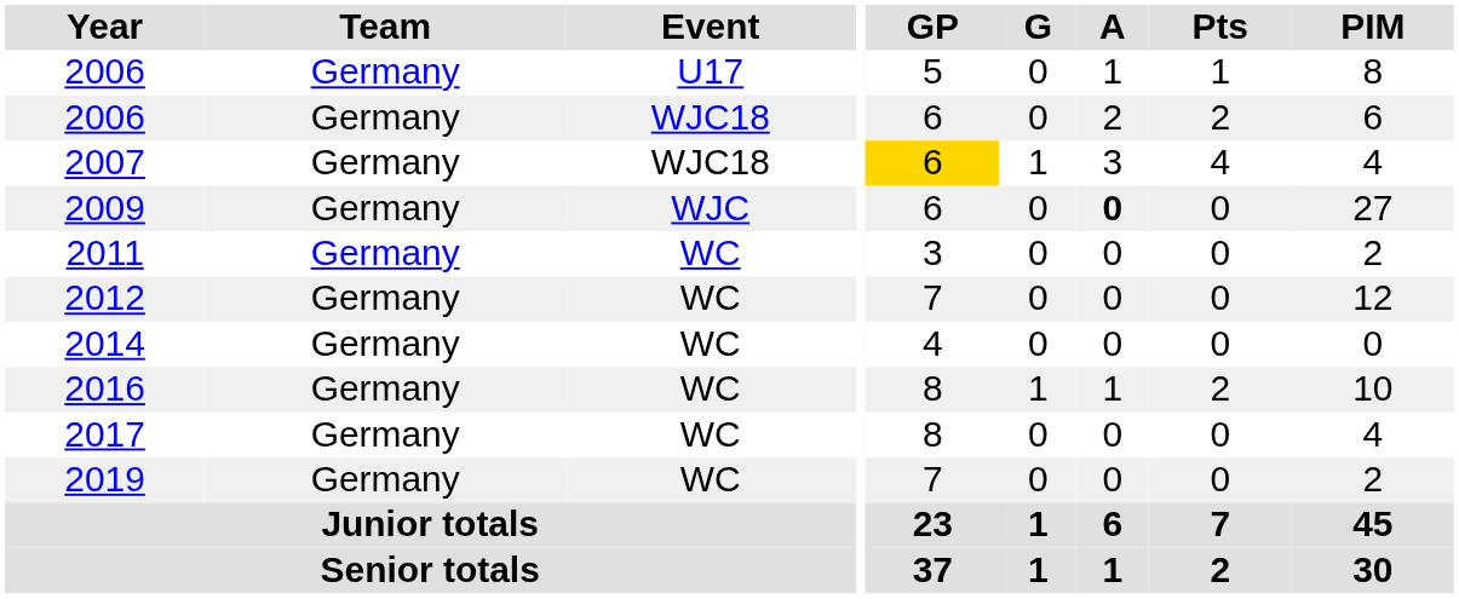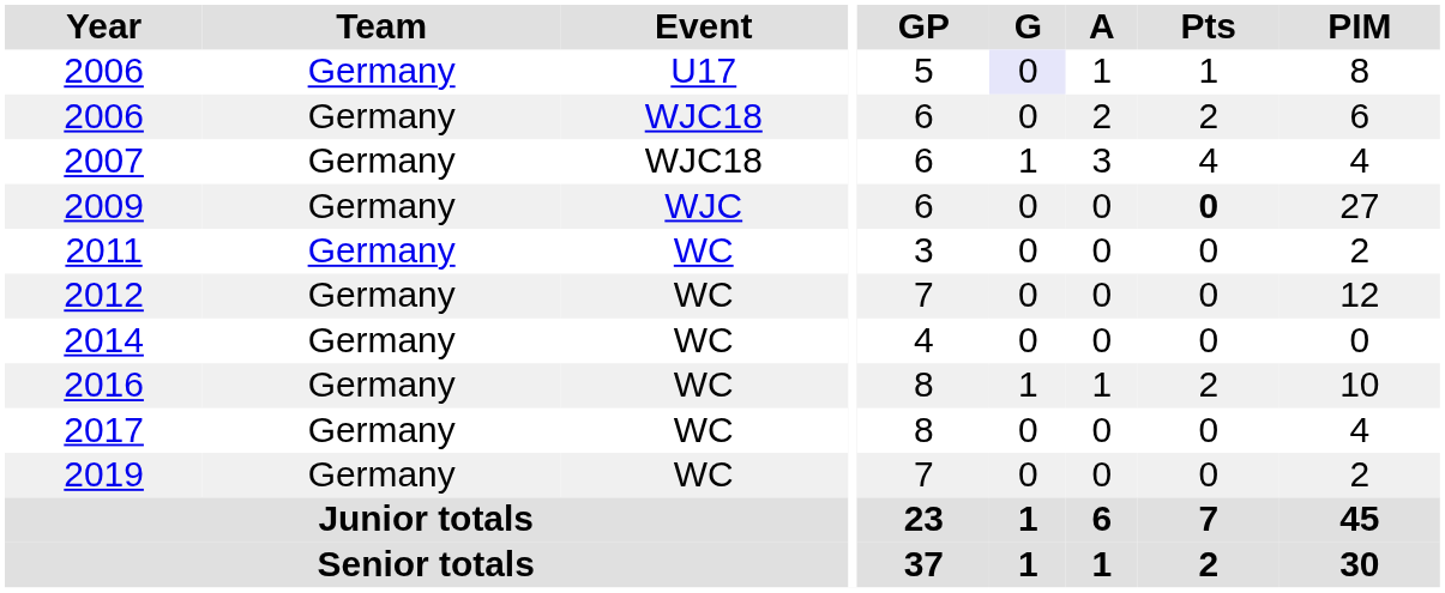 <table border="0" cellpadding="1" cellspacing="0" ID="Table3" style="text-align:center; width:40em">
 <tr ALIGN="center" bgcolor="#e0e0e0">
 <th>Year</th>
 <th>Team</th>
 <th>Event</th>
 <th rowspan="99" bgcolor="#ffffff"></th>
 <th>GP</th>
 <th>G</th>
 <th>A</th>
 <th>Pts</th>
 <th>PIM</th>
 </tr>
 <tr ALIGN="center">
 <td><a href='#'>2006</a></td>
 <td><a href='#'>Germany</a></td>
 <td><a href='#'>U17</a></td>
 <td>5</td>
-<td>0</td>
+<td style="background: lavender;">0</td>
 <td>1</td>
 <td>1</td>
 <td>8</td>
 </tr>
 <tr ALIGN="center" bgcolor="#f0f0f0">
 <td><a href='#'>2006</a></td>
 <td>Germany</td>
 <td><a href='#'>WJC18</a></td>
 <td>6</td>
 <td>0</td>
 <td>2</td>
 <td>2</td>
 <td>6</td>
 </tr>
 <tr ALIGN="center">
 <td><a href='#'>2007</a></td>
 <td>Germany</td>
 <td>WJC18</td>
-<td style="background: gold;">6</td>
+<td>6</td>
 <td>1</td>
 <td>3</td>
 <td>4</td>
 <td>4</td>
 </tr>
 <tr ALIGN="center" bgcolor="#f0f0f0">
 <td><a href='#'>2009</a></td>
 <td>Germany</td>
 <td><a href='#'>WJC</a></td>
 <td>6</td>
 <td>0</td>
+<td>0</td>
 <td><strong>0</strong></td>
-<td>0</td>
 <td>27</td>
 </tr>
 <tr ALIGN="center">
 <td><a href='#'>2011</a></td>
 <td><a href='#'>Germany</a></td>
 <td><a href='#'>WC</a></td>
 <td>3</td>
 <td>0</td>
 <td>0</td>
 <td>0</td>
 <td>2</td>
 </tr>
 <tr ALIGN="center" bgcolor="#f0f0f0">
 <td><a href='#'>2012</a></td>
 <td>Germany</td>
 <td>WC</td>
 <td>7</td>
 <td>0</td>
 <td>0</td>
 <td>0</td>
 <td>12</td>
 </tr>
 <tr ALIGN="center">
 <td><a href='#'>2014</a></td>
 <td>Germany</td>
 <td>WC</td>
 <td>4</td>
 <td>0</td>
 <td>0</td>
 <td>0</td>
 <td>0</td>
 </tr>
 <tr ALIGN="center" bgcolor="#f0f0f0">
 <td><a href='#'>2016</a></td>
 <td>Germany</td>
 <td>WC</td>
 <td>8</td>
 <td>1</td>
 <td>1</td>
 <td>2</td>
 <td>10</td>
 </tr>
 <tr ALIGN="center">
 <td><a href='#'>2017</a></td>
 <td>Germany</td>
 <td>WC</td>
 <td>8</td>
 <td>0</td>
 <td>0</td>
 <td>0</td>
 <td>4</td>
 </tr>
 <tr ALIGN="center" bgcolor="#f0f0f0">
 <td><a href='#'>2019</a></td>
 <td>Germany</td>
 <td>WC</td>
 <td>7</td>
 <td>0</td>
 <td>0</td>
 <td>0</td>
 <td>2</td>
 </tr>
 <tr bgcolor="#e0e0e0">
 <th colspan="3">Junior totals</th>
 <th>23</th>
 <th>1</th>
 <th>6</th>
 <th>7</th>
 <th>45</th>
 </tr>
 <tr bgcolor="#e0e0e0">
 <th colspan="3">Senior totals</th>
 <th>37</th>
 <th>1</th>
 <th>1</th>
 <th>2</th>
 <th>30</th>
 </tr>
 </table>
